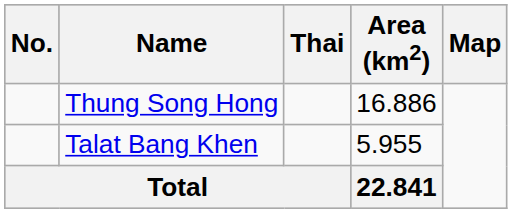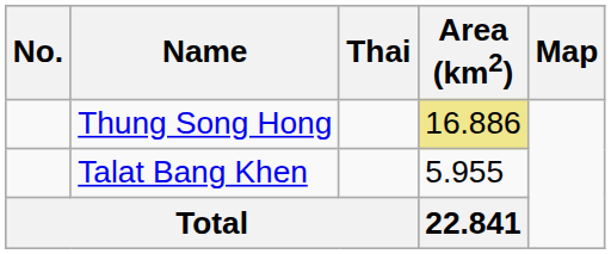 <table class="wikitable sortable">
 <tr>
 <th>No.</th>
 <th>Name</th>
 <th>Thai</th>
 <th>Area<br>(km<sup>2</sup>)</th>
 <th>Map</th>
 </tr>
 <tr>
 <td></td>
 <td><a href='#'>Thung Song Hong</a></td>
 <td></td>
-<td><div>16.886</div></td>
+<td style="background: khaki;"><div>16.886</div></td>
 <td rowspan=3></td>
 </tr>
 <tr>
 <td></td>
 <td><a href='#'>Talat Bang Khen</a></td>
 <td></td>
 <td><div>5.955</div></td>
 </tr>
 <tr>
 <th colspan=3>Total</th>
 <th><div>22.841</div></th>
 </tr>
 </table>
